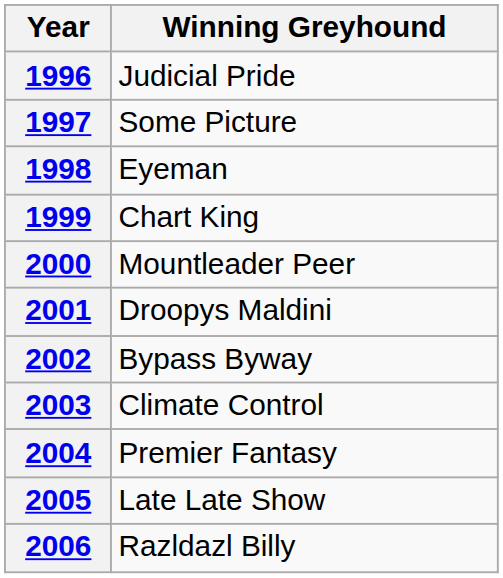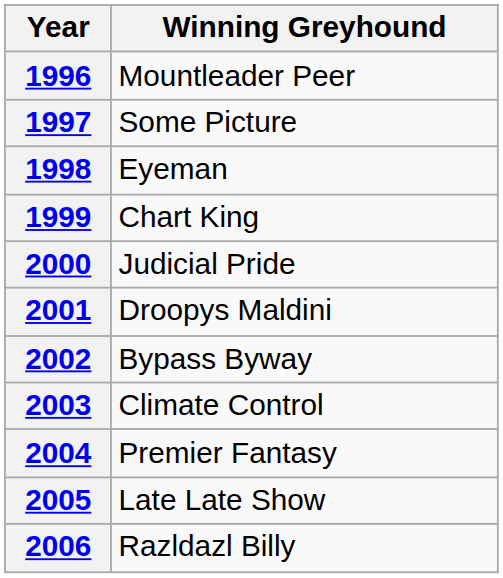 <table class="wikitable">
 <tr>
 <th width=50>Year</th>
 <th width=200>Winning Greyhound</th>
 </tr>
 <tr>
 <th><a href='#'>1996</a></th>
-<td>Judicial Pride</td>
+<td>Mountleader Peer</td>
 </tr>
 <tr>
 <th><a href='#'>1997</a></th>
 <td>Some Picture</td>
 </tr>
 <tr>
 <th><a href='#'>1998</a></th>
 <td>Eyeman</td>
 </tr>
 <tr>
 <th><a href='#'>1999</a></th>
 <td>Chart King</td>
 </tr>
 <tr>
 <th><a href='#'>2000</a></th>
-<td>Mountleader Peer</td>
+<td>Judicial Pride</td>
 </tr>
 <tr>
 <th><a href='#'>2001</a></th>
 <td>Droopys Maldini</td>
 </tr>
 <tr>
 <th><a href='#'>2002</a></th>
 <td>Bypass Byway</td>
 </tr>
 <tr>
 <th><a href='#'>2003</a></th>
 <td>Climate Control</td>
 </tr>
 <tr>
 <th><a href='#'>2004</a></th>
 <td>Premier Fantasy</td>
 </tr>
 <tr>
 <th><a href='#'>2005</a></th>
 <td>Late Late Show</td>
 </tr>
 <tr>
 <th><a href='#'>2006</a></th>
 <td>Razldazl Billy</td>
 </tr>
 </table>
